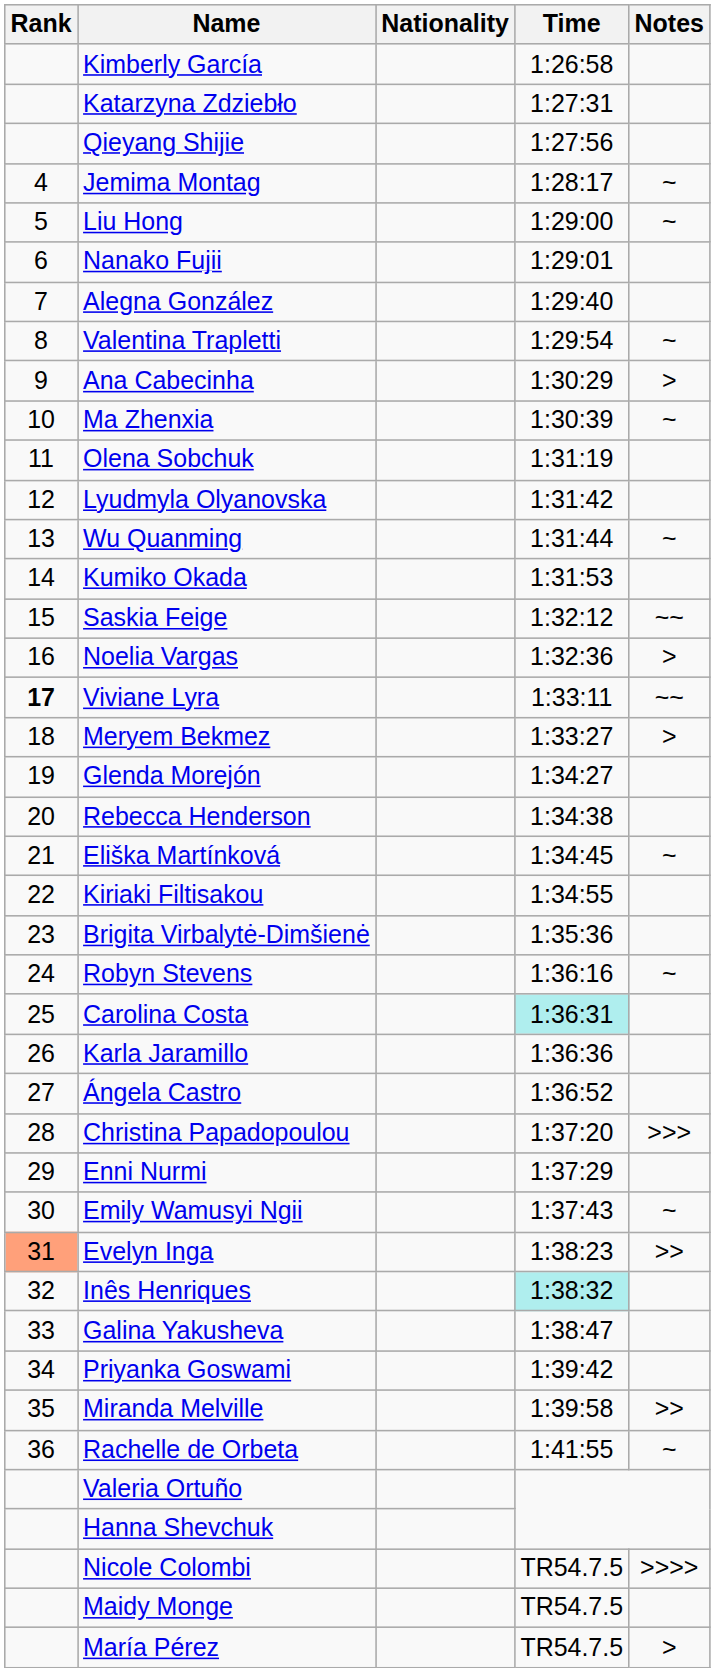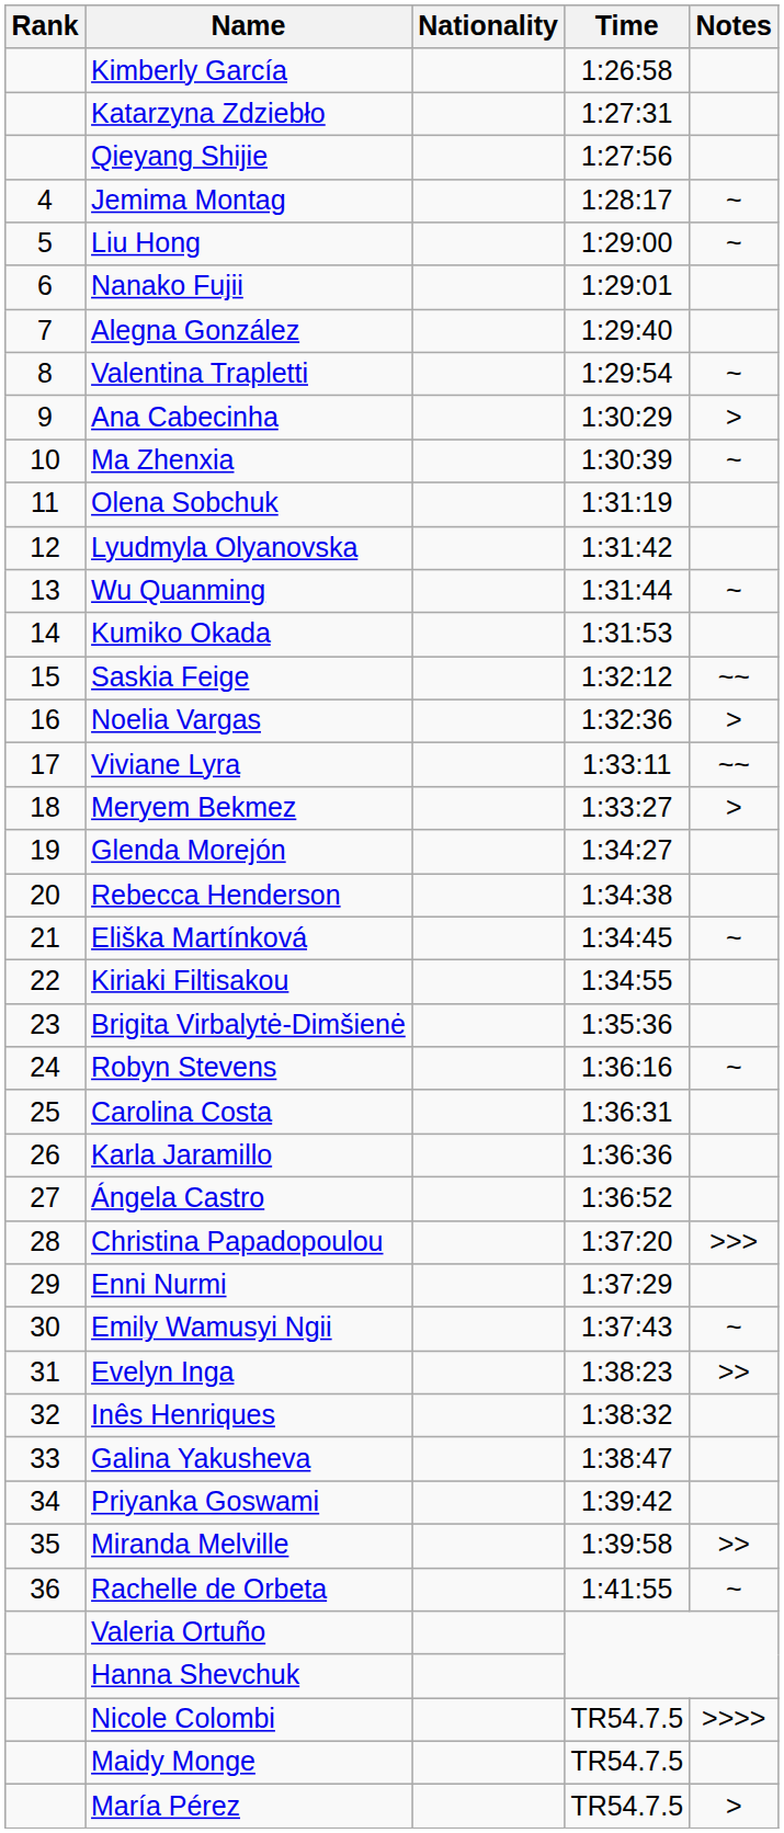 <table class="wikitable sortable" style="text-align:center">
 <tr>
 <th>Rank</th>
 <th>Name</th>
 <th>Nationality</th>
 <th>Time</th>
 <th>Notes</th>
 </tr>
 <tr>
 <td></td>
 <td align=left><a href='#'>Kimberly García</a></td>
 <td align=left></td>
 <td>1:26:58</td>
 <td></td>
 </tr>
 <tr>
 <td></td>
 <td align=left><a href='#'>Katarzyna Zdziebło</a></td>
 <td align=left></td>
 <td>1:27:31</td>
 <td></td>
 </tr>
 <tr>
 <td></td>
 <td align=left><a href='#'>Qieyang Shijie</a></td>
 <td align=left></td>
 <td>1:27:56</td>
 <td></td>
 </tr>
 <tr>
 <td>4</td>
 <td align=left><a href='#'>Jemima Montag</a></td>
 <td align=left></td>
 <td>1:28:17</td>
 <td>~</td>
 </tr>
 <tr>
 <td>5</td>
 <td align=left><a href='#'>Liu Hong</a></td>
 <td align=left></td>
 <td>1:29:00</td>
 <td> ~</td>
 </tr>
 <tr>
 <td>6</td>
 <td align=left><a href='#'>Nanako Fujii</a></td>
 <td align=left></td>
 <td>1:29:01</td>
 <td></td>
 </tr>
 <tr>
 <td>7</td>
 <td align=left><a href='#'>Alegna González</a></td>
 <td align=left></td>
 <td>1:29:40</td>
 <td></td>
 </tr>
 <tr>
 <td>8</td>
 <td align=left><a href='#'>Valentina Trapletti</a></td>
 <td align=left></td>
 <td>1:29:54</td>
 <td>~</td>
 </tr>
 <tr>
 <td>9</td>
 <td align=left><a href='#'>Ana Cabecinha</a></td>
 <td align=left></td>
 <td>1:30:29</td>
 <td> ></td>
 </tr>
 <tr>
 <td>10</td>
 <td align=left><a href='#'>Ma Zhenxia</a></td>
 <td align=left></td>
 <td>1:30:39</td>
 <td>~</td>
 </tr>
 <tr>
 <td>11</td>
 <td align=left><a href='#'>Olena Sobchuk</a></td>
 <td align=left></td>
 <td>1:31:19</td>
 <td></td>
 </tr>
 <tr>
 <td>12</td>
 <td align=left><a href='#'>Lyudmyla Olyanovska</a></td>
 <td align=left></td>
 <td>1:31:42</td>
 <td></td>
 </tr>
 <tr>
 <td>13</td>
 <td align=left><a href='#'>Wu Quanming</a></td>
 <td align=left></td>
 <td>1:31:44</td>
 <td>~</td>
 </tr>
 <tr>
 <td>14</td>
 <td align=left><a href='#'>Kumiko Okada</a></td>
 <td align=left></td>
 <td>1:31:53</td>
 <td></td>
 </tr>
 <tr>
 <td>15</td>
 <td align=left><a href='#'>Saskia Feige</a></td>
 <td align=left></td>
 <td>1:32:12</td>
 <td>~~</td>
 </tr>
 <tr>
 <td>16</td>
 <td align=left><a href='#'>Noelia Vargas</a></td>
 <td align=left></td>
 <td>1:32:36</td>
 <td> ></td>
 </tr>
 <tr>
-<td><strong>17</strong></td>
+<td>17</td>
 <td align=left><a href='#'>Viviane Lyra</a></td>
 <td align=left></td>
 <td>1:33:11</td>
 <td>~~</td>
 </tr>
 <tr>
 <td>18</td>
 <td align=left><a href='#'>Meryem Bekmez</a></td>
 <td align=left></td>
 <td>1:33:27</td>
 <td> ></td>
 </tr>
 <tr>
 <td>19</td>
 <td align=left><a href='#'>Glenda Morejón</a></td>
 <td align=left></td>
 <td>1:34:27</td>
 <td></td>
 </tr>
 <tr>
 <td>20</td>
 <td align=left><a href='#'>Rebecca Henderson</a></td>
 <td align=left></td>
 <td>1:34:38</td>
 <td></td>
 </tr>
 <tr>
 <td>21</td>
 <td align=left><a href='#'>Eliška Martínková</a></td>
 <td align=left></td>
 <td>1:34:45</td>
 <td>~</td>
 </tr>
 <tr>
 <td>22</td>
 <td align=left><a href='#'>Kiriaki Filtisakou</a></td>
 <td align=left></td>
 <td>1:34:55</td>
 <td></td>
 </tr>
 <tr>
 <td>23</td>
 <td align=left><a href='#'>Brigita Virbalytė-Dimšienė</a></td>
 <td align=left></td>
 <td>1:35:36</td>
 <td></td>
 </tr>
 <tr>
 <td>24</td>
 <td align=left><a href='#'>Robyn Stevens</a></td>
 <td align=left></td>
 <td>1:36:16</td>
 <td>~</td>
 </tr>
 <tr>
 <td>25</td>
 <td align=left><a href='#'>Carolina Costa</a></td>
 <td align=left></td>
-<td style="background: paleturquoise;">1:36:31</td>
+<td>1:36:31</td>
 <td></td>
 </tr>
 <tr>
 <td>26</td>
 <td align=left><a href='#'>Karla Jaramillo</a></td>
 <td align=left></td>
 <td>1:36:36</td>
 <td></td>
 </tr>
 <tr>
 <td>27</td>
 <td align=left><a href='#'>Ángela Castro</a></td>
 <td align=left></td>
 <td>1:36:52</td>
 <td></td>
 </tr>
 <tr>
 <td>28</td>
 <td align=left><a href='#'>Christina Papadopoulou</a></td>
 <td align=left></td>
 <td>1:37:20</td>
 <td> >>></td>
 </tr>
 <tr>
 <td>29</td>
 <td align=left><a href='#'>Enni Nurmi</a></td>
 <td align=left></td>
 <td>1:37:29</td>
 <td></td>
 </tr>
 <tr>
 <td>30</td>
 <td align=left><a href='#'>Emily Wamusyi Ngii</a></td>
 <td align=left></td>
 <td>1:37:43</td>
 <td>~</td>
 </tr>
 <tr>
-<td style="background: lightsalmon;">31</td>
+<td>31</td>
 <td align=left><a href='#'>Evelyn Inga</a></td>
 <td align=left></td>
 <td>1:38:23</td>
 <td> >></td>
 </tr>
 <tr>
 <td>32</td>
 <td align=left><a href='#'>Inês Henriques</a></td>
 <td align=left></td>
-<td style="background: paleturquoise;">1:38:32</td>
+<td>1:38:32</td>
 <td></td>
 </tr>
 <tr>
 <td>33</td>
 <td align=left><a href='#'>Galina Yakusheva</a></td>
 <td align=left></td>
 <td>1:38:47</td>
 <td></td>
 </tr>
 <tr>
 <td>34</td>
 <td align=left><a href='#'>Priyanka Goswami</a></td>
 <td align=left></td>
 <td>1:39:42</td>
 <td></td>
 </tr>
 <tr>
 <td>35</td>
 <td align=left><a href='#'>Miranda Melville</a></td>
 <td align=left></td>
 <td>1:39:58</td>
 <td>>></td>
 </tr>
 <tr>
 <td>36</td>
 <td align=left><a href='#'>Rachelle de Orbeta</a></td>
 <td align=left></td>
 <td>1:41:55</td>
 <td>~</td>
 </tr>
 <tr>
 <td></td>
 <td align=left><a href='#'>Valeria Ortuño</a></td>
 <td align=left></td>
 <td rowspan=2 colspan=2></td>
 </tr>
 <tr>
 <td></td>
 <td align=left><a href='#'>Hanna Shevchuk</a></td>
 <td align=left></td>
 </tr>
 <tr>
 <td></td>
 <td align=left><a href='#'>Nicole Colombi</a></td>
 <td align=left></td>
 <td> TR54.7.5</td>
 <td>>>>></td>
 </tr>
 <tr>
 <td></td>
 <td align=left><a href='#'>Maidy Monge</a></td>
 <td align=left></td>
 <td> TR54.7.5</td>
 <td></td>
 </tr>
 <tr>
 <td></td>
 <td align=left><a href='#'>María Pérez</a></td>
 <td align=left></td>
 <td> TR54.7.5</td>
 <td>></td>
 </tr>
 </table>
